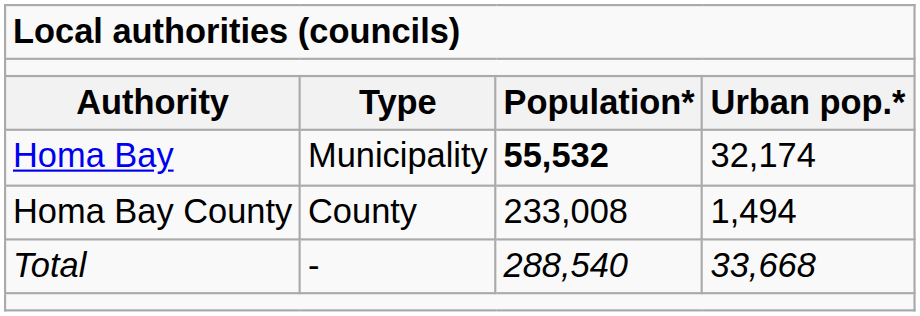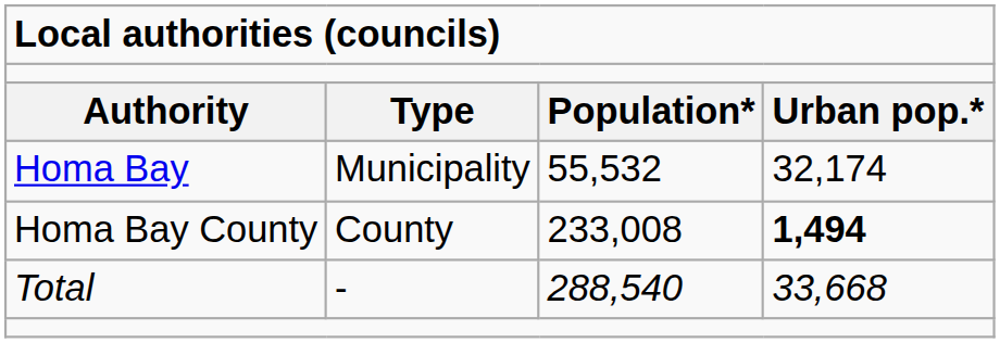 <table class="wikitable">
 <tr>
 <td colspan="5"><strong>Local authorities (councils)</strong></td>
 </tr>
 <tr>
 <td colspan="5"></td>
 </tr>
 <tr>
 <th>Authority</th>
 <th>Type</th>
 <th>Population*</th>
 <th>Urban pop.*</th>
 </tr>
 <tr>
 <td><a href='#'>Homa Bay</a></td>
 <td>Municipality</td>
-<td><strong>55,532</strong></td>
+<td>55,532</td>
 <td>32,174</td>
 </tr>
 <tr>
 <td>Homa Bay County</td>
 <td>County</td>
 <td>233,008</td>
-<td>1,494</td>
+<td><strong>1,494</strong></td>
 </tr>
 <tr>
 <td><em>Total</em></td>
 <td>-</td>
 <td><em>288,540</em></td>
 <td><em>33,668</em></td>
 </tr>
 <tr>
 <td colspan="5"></td>
 </tr>
 </table>
